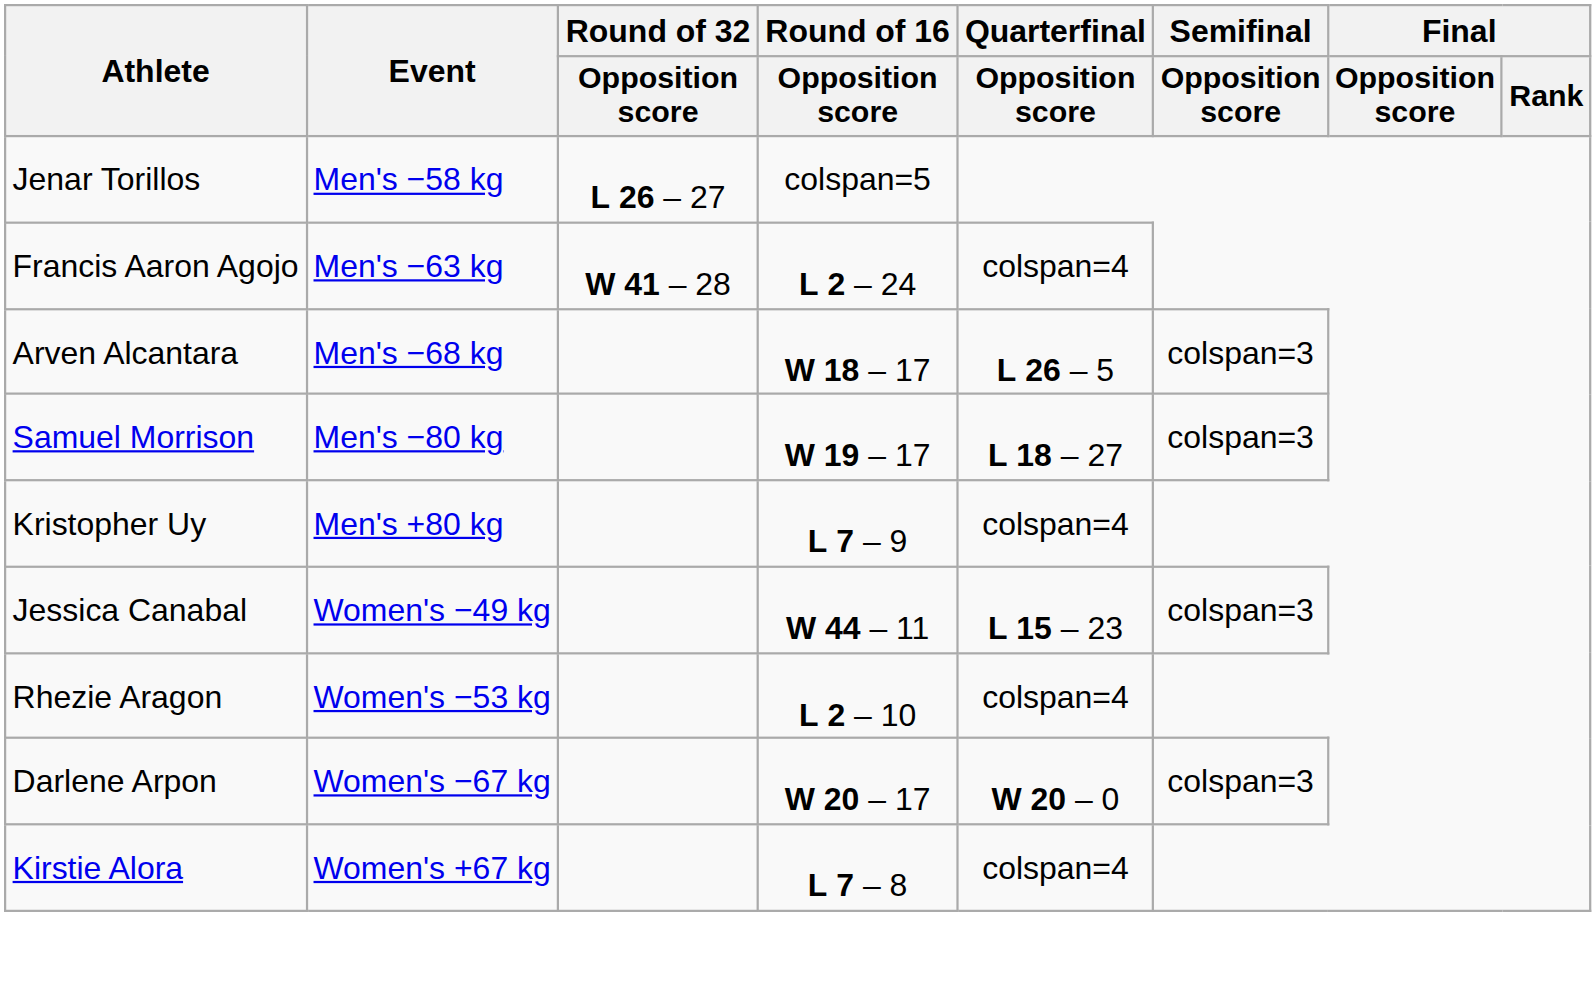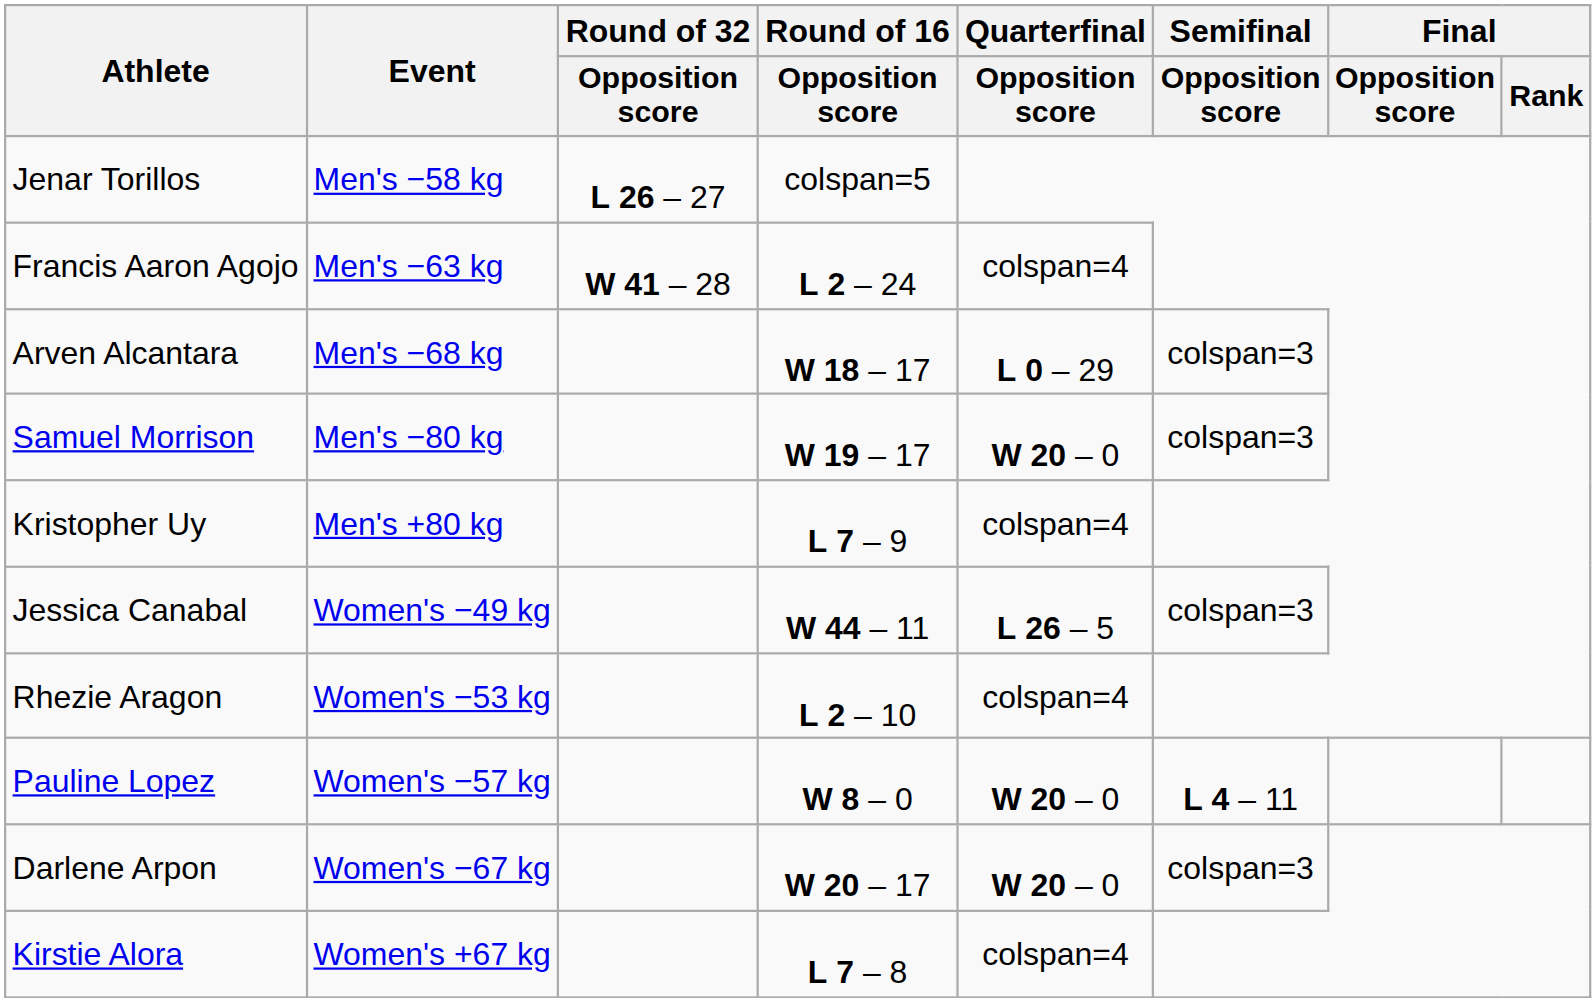 <table class=wikitable style="font-size:90%; text-align:center">
 <tr>
 <th rowspan=2>Athlete</th>
 <th rowspan=2>Event</th>
 <th>Round of 32</th>
 <th>Round of 16</th>
 <th>Quarterfinal</th>
 <th>Semifinal</th>
 <th colspan=2>Final</th>
 </tr>
 <tr style=font-size:95%>
 <th>Opposition<br>score</th>
 <th>Opposition<br>score</th>
 <th>Opposition<br>score</th>
 <th>Opposition<br>score</th>
 <th>Opposition<br>score</th>
 <th>Rank</th>
 </tr>
 <tr>
 <td align=left>Jenar Torillos</td>
 <td align=left><a href='#'>Men's −58 kg</a></td>
 <td> <br> <strong>L</strong> <strong>26</strong> – 27</td>
 <td>colspan=5</td>
 </tr>
 <tr>
 <td align=left>Francis Aaron Agojo</td>
 <td align=left><a href='#'>Men's −63 kg</a></td>
 <td><br> <strong>W</strong> <strong>41</strong> – 28</td>
 <td> <br> <strong>L</strong> <strong>2</strong> – 24</td>
 <td>colspan=4</td>
 </tr>
 <tr>
 <td align=left>Arven Alcantara</td>
 <td align=left><a href='#'>Men's −68 kg</a></td>
 <td></td>
 <td><br> <strong>W</strong> <strong>18</strong> – 17</td>
-<td><br> <strong>L</strong> <strong>26</strong> – 5</td>
+<td><br> <strong>L</strong> <strong>0</strong> – 29</td>
 <td>colspan=3</td>
 </tr>
 <tr>
 <td align=left><a href='#'>Samuel Morrison</a></td>
 <td align=left><a href='#'>Men's −80 kg</a></td>
 <td></td>
 <td><br> <strong>W</strong> <strong>19</strong> – 17</td>
-<td><br> <strong>L</strong> <strong>18</strong> – 27</td>
+<td><br> <strong>W</strong> <strong>20</strong> – 0</td>
 <td>colspan=3</td>
 </tr>
 <tr>
 <td align=left>Kristopher Uy</td>
 <td align=left><a href='#'>Men's +80 kg</a></td>
 <td></td>
 <td><br> <strong>L</strong> <strong>7</strong> – 9</td>
 <td>colspan=4</td>
 </tr>
 <tr>
 <td align=left>Jessica Canabal</td>
 <td align=left><a href='#'>Women's −49 kg</a></td>
 <td></td>
 <td><br> <strong>W</strong> <strong>44</strong> – 11</td>
-<td><br> <strong>L</strong> <strong>15</strong> – 23</td>
+<td><br> <strong>L</strong> <strong>26</strong> – 5</td>
 <td>colspan=3</td>
 </tr>
 <tr>
 <td align=left>Rhezie Aragon</td>
 <td align=left><a href='#'>Women's −53 kg</a></td>
 <td></td>
 <td><br> <strong>L</strong> <strong>2</strong> – 10</td>
 <td>colspan=4</td>
+</tr>
+<tr>
+<td align=left><a href='#'>Pauline Lopez</a></td>
+<td align=left><a href='#'>Women's −57 kg</a></td>
+<td></td>
+<td><br> <strong>W</strong> <strong>8</strong> – 0</td>
+<td><br> <strong>W</strong> <strong>20</strong> – 0</td>
+<td><br> <strong>L</strong> <strong>4</strong> – 11</td>
+<td></td>
+<td></td>
 </tr>
 <tr>
 <td align=left>Darlene Arpon</td>
 <td align=left><a href='#'>Women's −67 kg</a></td>
 <td></td>
 <td><br> <strong>W</strong> <strong>20</strong> – 17</td>
 <td><br> <strong>W</strong> <strong>20</strong> – 0</td>
 <td>colspan=3</td>
 </tr>
 <tr>
 <td align=left><a href='#'>Kirstie Alora</a></td>
 <td align=left><a href='#'>Women's +67 kg</a></td>
 <td></td>
 <td><br> <strong>L</strong> <strong>7</strong> – 8</td>
 <td>colspan=4</td>
 </tr>
 </table>
